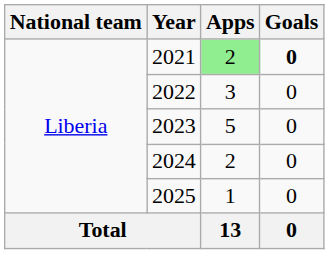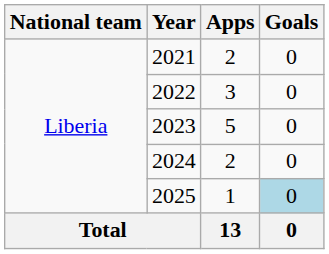 <table class="wikitable" style="text-align:center">
 <tr>
 <th>National team</th>
 <th>Year</th>
 <th>Apps</th>
 <th>Goals</th>
 </tr>
 <tr>
 <td rowspan="5"><a href='#'>Liberia</a></td>
 <td>2021</td>
-<td style="background: lightgreen;">2</td>
-<td><strong>0</strong></td>
+<td>2</td>
+<td>0</td>
 </tr>
 <tr>
 <td>2022</td>
 <td>3</td>
 <td>0</td>
 </tr>
 <tr>
 <td>2023</td>
 <td>5</td>
 <td>0</td>
 </tr>
 <tr>
 <td>2024</td>
 <td>2</td>
 <td>0</td>
 </tr>
 <tr>
 <td>2025</td>
 <td>1</td>
-<td>0</td>
+<td style="background: lightblue;">0</td>
 </tr>
 <tr>
 <th colspan="2">Total</th>
 <th>13</th>
 <th>0</th>
 </tr>
 </table>
